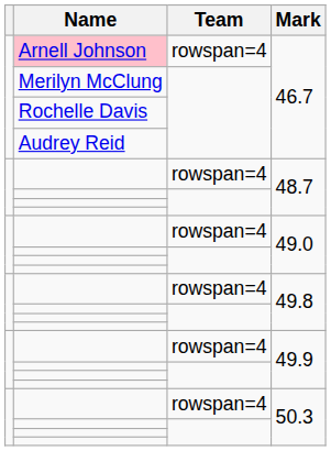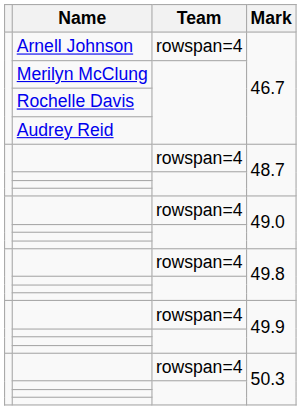 <table class=wikitable>
 <tr>
 <th></th>
 <th>Name</th>
 <th>Team</th>
 <th>Mark</th>
 </tr>
 <tr>
 <td rowspan=4></td>
-<td style="background: pink;"><a href='#'>Arnell Johnson</a></td>
+<td><a href='#'>Arnell Johnson</a></td>
 <td>rowspan=4 </td>
 <td rowspan=4>46.7</td>
 </tr>
 <tr>
 <td><a href='#'>Merilyn McClung</a></td>
 </tr>
 <tr>
 <td><a href='#'>Rochelle Davis</a></td>
 </tr>
 <tr>
 <td><a href='#'>Audrey Reid</a></td>
 </tr>
 <tr>
 <td rowspan=4></td>
 <td></td>
 <td>rowspan=4 </td>
 <td rowspan=4>48.7</td>
 </tr>
 <tr>
 <td></td>
 </tr>
 <tr>
 <td></td>
 </tr>
 <tr>
 <td></td>
 </tr>
 <tr>
 <td rowspan=4></td>
 <td></td>
 <td>rowspan=4 </td>
 <td rowspan=4>49.0</td>
 </tr>
 <tr>
 <td></td>
 </tr>
 <tr>
 <td></td>
 </tr>
 <tr>
 <td></td>
 </tr>
 <tr>
 <td rowspan=4></td>
 <td></td>
 <td>rowspan=4 </td>
 <td rowspan=4>49.8</td>
 </tr>
 <tr>
 <td></td>
 </tr>
 <tr>
 <td></td>
 </tr>
 <tr>
 <td></td>
 </tr>
 <tr>
 <td rowspan=4></td>
 <td></td>
 <td>rowspan=4 </td>
 <td rowspan=4>49.9</td>
 </tr>
 <tr>
 <td></td>
 </tr>
 <tr>
 <td></td>
 </tr>
 <tr>
 <td></td>
 </tr>
 <tr>
 <td rowspan=4></td>
 <td></td>
 <td>rowspan=4 </td>
 <td rowspan=4>50.3</td>
 </tr>
 <tr>
 <td></td>
 </tr>
 <tr>
 <td></td>
 </tr>
 <tr>
 <td></td>
 </tr>
 </table>
